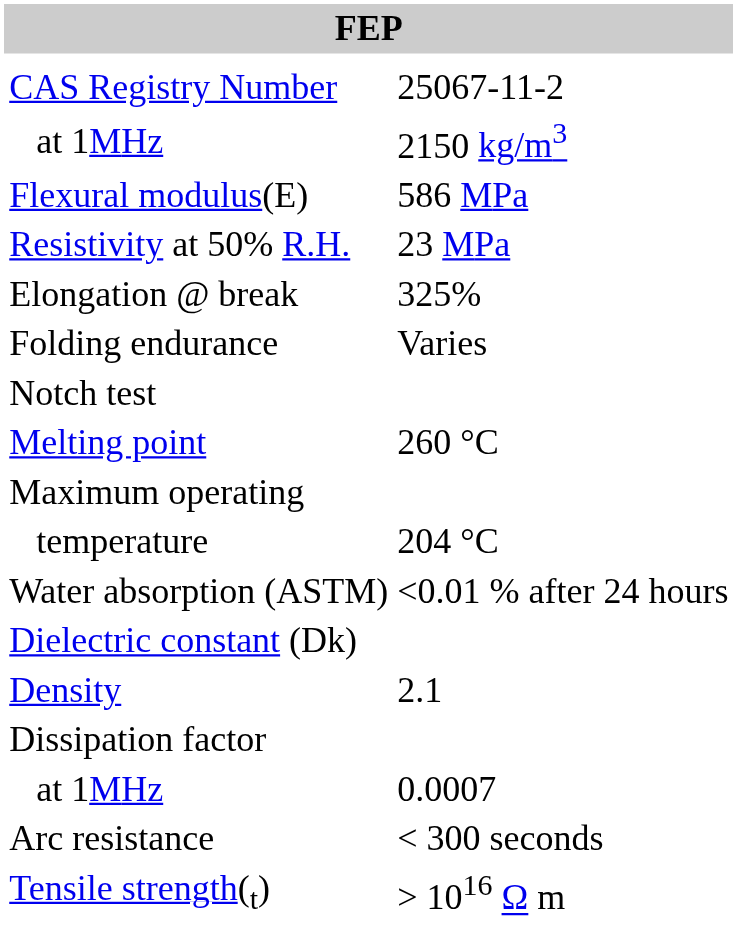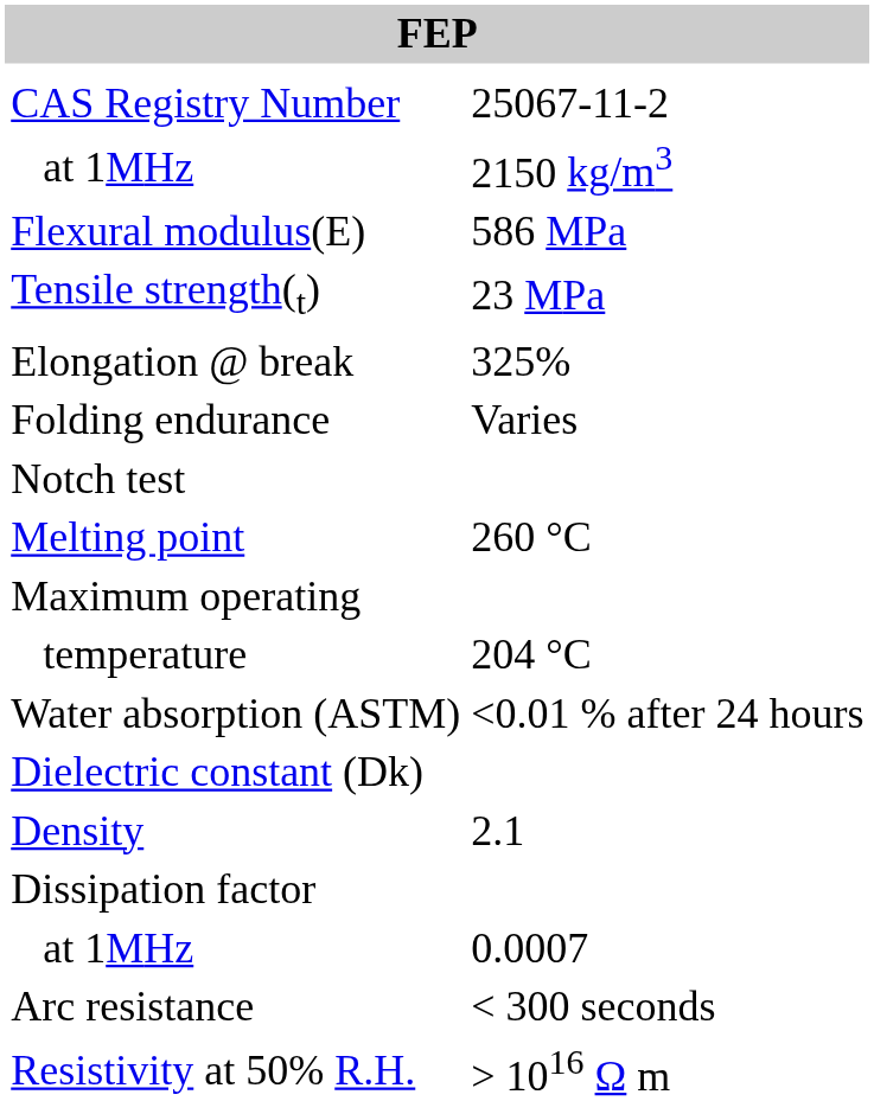 <table border="0" cellpadding="2" cellspacing="0" align="right" style="margin-left:1em" |>
 <tr>
 <th colspan="2" style="text-align:center; background:#ccc;"><strong>FEP</strong></th>
 </tr>
 <tr>
 <td style="text-align:center;" colspan="2"></td>
 </tr>
 <tr>
 <td><a href='#'>CAS Registry Number</a></td>
 <td>25067-11-2</td>
 </tr>
 <tr>
 <td>   at 1<a href='#'>M</a><a href='#'>Hz</a></td>
 <td>2150 <a href='#'>kg/m<sup>3</sup></a></td>
 </tr>
 <tr>
 <td><a href='#'>Flexural modulus</a>(E)</td>
 <td>586 <a href='#'>M</a><a href='#'>Pa</a></td>
 </tr>
 <tr>
-<td><a href='#'>Resistivity</a> at 50% <a href='#'>R.H.</a></td>
+<td><a href='#'>Tensile strength</a>(<sub>t</sub>)</td>
 <td>23 <a href='#'>M</a><a href='#'>Pa</a></td>
 </tr>
 <tr>
 <td>Elongation @ break</td>
 <td>325%</td>
 </tr>
 <tr>
 <td>Folding endurance</td>
 <td>Varies</td>
 </tr>
 <tr>
 <td>Notch test</td>
 <td></td>
 </tr>
 <tr>
 <td><a href='#'>Melting point</a></td>
 <td>260 °C</td>
 </tr>
 <tr>
 <td>Maximum operating</td>
 </tr>
 <tr>
 <td>   temperature</td>
 <td>204 °C</td>
 </tr>
 <tr>
 <td>Water absorption (ASTM)</td>
 <td><0.01 % after 24 hours</td>
 </tr>
 <tr>
 <td><a href='#'>Dielectric constant</a> (Dk)</td>
 </tr>
 <tr>
 <td><a href='#'>Density</a></td>
 <td>2.1</td>
 </tr>
 <tr>
 <td>Dissipation factor</td>
 </tr>
 <tr>
 <td>   at 1<a href='#'>M</a><a href='#'>Hz</a></td>
 <td>0.0007</td>
 </tr>
 <tr>
 <td>Arc resistance</td>
 <td>< 300 seconds</td>
 </tr>
 <tr>
-<td><a href='#'>Tensile strength</a>(<sub>t</sub>)</td>
+<td><a href='#'>Resistivity</a> at 50% <a href='#'>R.H.</a></td>
 <td>> 10<sup>16</sup> <a href='#'>Ω</a> m</td>
 </tr>
 </table>
